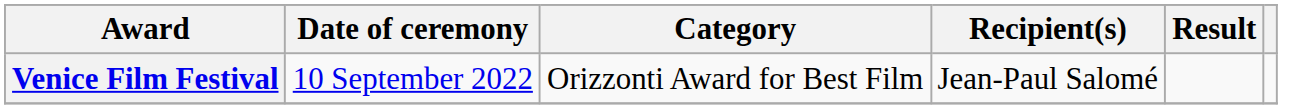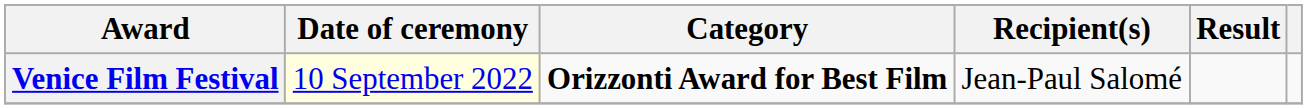 <table class="wikitable sortable plainrowheaders">
 <tr>
 <th scope="col">Award</th>
 <th scope="col">Date of ceremony</th>
 <th scope="col">Category</th>
 <th scope="col">Recipient(s)</th>
 <th scope="col">Result</th>
 <th scope="col" class="unsortable"></th>
 </tr>
 <tr>
 <th scope="row"><a href='#'>Venice Film Festival</a></th>
-<td><a href='#'>10 September 2022</a></td>
-<td>Orizzonti Award for Best Film</td>
+<td style="background: lightyellow;"><a href='#'>10 September 2022</a></td>
+<td><strong>Orizzonti Award for Best Film</strong></td>
 <td>Jean-Paul Salomé</td>
 <td></td>
 <td align="center"></td>
 </tr>
 <tr>
 </tr>
 </table>
